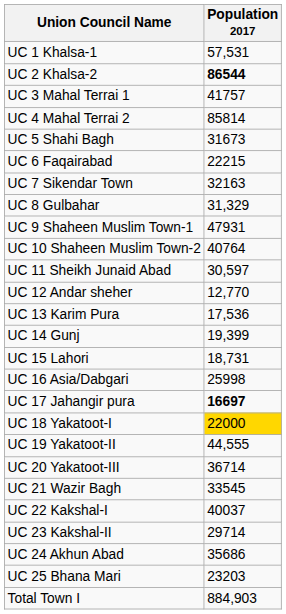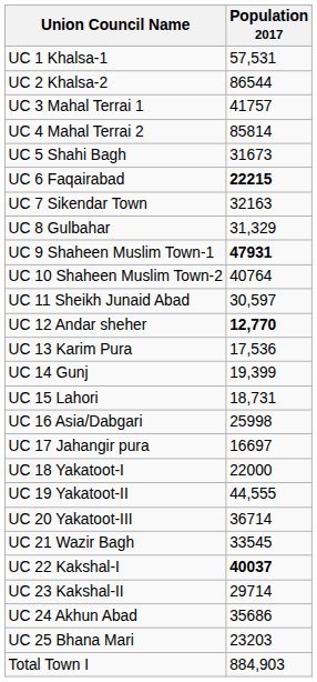 <table class="sortable wikitable">
 <tr>
 <th>Union Council Name</th>
 <th>Population <br><small>2017</small></th>
 </tr>
 <tr>
 <td>UC 1 Khalsa-1</td>
 <td><div>57,531<br></div></td>
 </tr>
 <tr>
 <td>UC 2 Khalsa-2</td>
-<td><strong><div>86544</div></strong></td>
+<td><div>86544</div></td>
 </tr>
 <tr>
 <td>UC 3 Mahal Terrai 1</td>
 <td><div>41757</div></td>
 </tr>
 <tr>
 <td>UC 4 Mahal Terrai 2</td>
 <td><div>85814</div></td>
 </tr>
 <tr>
 <td>UC 5 Shahi Bagh</td>
 <td><div>31673</div></td>
 </tr>
 <tr>
 <td>UC 6 Faqairabad</td>
-<td><div>22215</div></td>
+<td><strong><div>22215</div></strong></td>
 </tr>
 <tr>
 <td>UC 7 Sikendar Town</td>
 <td><div>32163</div></td>
 </tr>
 <tr>
 <td>UC 8 Gulbahar</td>
 <td><div>31,329</div></td>
 </tr>
 <tr>
 <td>UC 9 Shaheen Muslim Town-1</td>
-<td><div>47931</div></td>
+<td><strong><div>47931</div></strong></td>
 </tr>
 <tr>
 <td>UC 10 Shaheen Muslim Town-2</td>
 <td><div>40764</div></td>
 </tr>
 <tr>
 <td>UC 11 Sheikh Junaid Abad</td>
 <td><div>30,597</div></td>
 </tr>
 <tr>
 <td>UC 12 Andar sheher</td>
-<td><div>12,770</div></td>
+<td><strong><div>12,770</div></strong></td>
 </tr>
 <tr>
 <td>UC 13  Karim Pura</td>
 <td><div>17,536</div></td>
 </tr>
 <tr>
 <td>UC 14 Gunj</td>
 <td><div>19,399</div></td>
 </tr>
 <tr>
 <td>UC 15  Lahori</td>
 <td><div>18,731</div></td>
 </tr>
 <tr>
 <td>UC 16 Asia/Dabgari</td>
 <td><div>25998</div></td>
 </tr>
 <tr>
 <td>UC 17 Jahangir pura</td>
-<td><strong><div>16697</div></strong></td>
+<td><div>16697</div></td>
 </tr>
 <tr>
 <td>UC 18 Yakatoot-I</td>
-<td style="background: gold;"><div>22000</div></td>
+<td><div>22000</div></td>
 </tr>
 <tr>
 <td>UC 19 Yakatoot-II</td>
 <td><div>44,555</div></td>
 </tr>
 <tr>
 <td>UC 20 Yakatoot-III</td>
 <td><div>36714</div></td>
 </tr>
 <tr>
 <td>UC 21 Wazir Bagh</td>
 <td><div>33545</div></td>
 </tr>
 <tr>
 <td>UC 22 Kakshal-I</td>
-<td><div>40037</div></td>
+<td><strong><div>40037</div></strong></td>
 </tr>
 <tr>
 <td>UC 23 Kakshal-II</td>
 <td><div>29714</div></td>
 </tr>
 <tr>
 <td>UC 24 Akhun Abad</td>
 <td><div>35686</div></td>
 </tr>
 <tr>
 <td>UC 25 Bhana Mari</td>
 <td><div>23203</div></td>
 </tr>
 <tr>
 <td>Total Town I</td>
 <td><div>884,903</div></td>
 </tr>
 </table>
